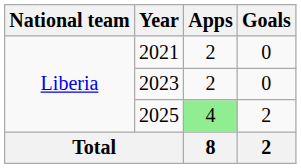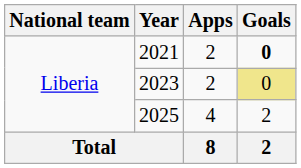 <table class="wikitable" style="text-align:center">
 <tr>
 <th>National team</th>
 <th>Year</th>
 <th>Apps</th>
 <th>Goals</th>
 </tr>
 <tr>
 <td rowspan=3><a href='#'>Liberia</a></td>
 <td>2021</td>
 <td>2</td>
-<td>0</td>
+<td><strong>0</strong></td>
 </tr>
 <tr>
 <td>2023</td>
 <td>2</td>
-<td>0</td>
+<td style="background: khaki;">0</td>
 </tr>
 <tr>
 <td>2025</td>
-<td style="background: lightgreen;">4</td>
+<td>4</td>
 <td>2</td>
 </tr>
 <tr>
 <th colspan=2>Total</th>
 <th>8</th>
 <th>2</th>
 </tr>
 </table>
